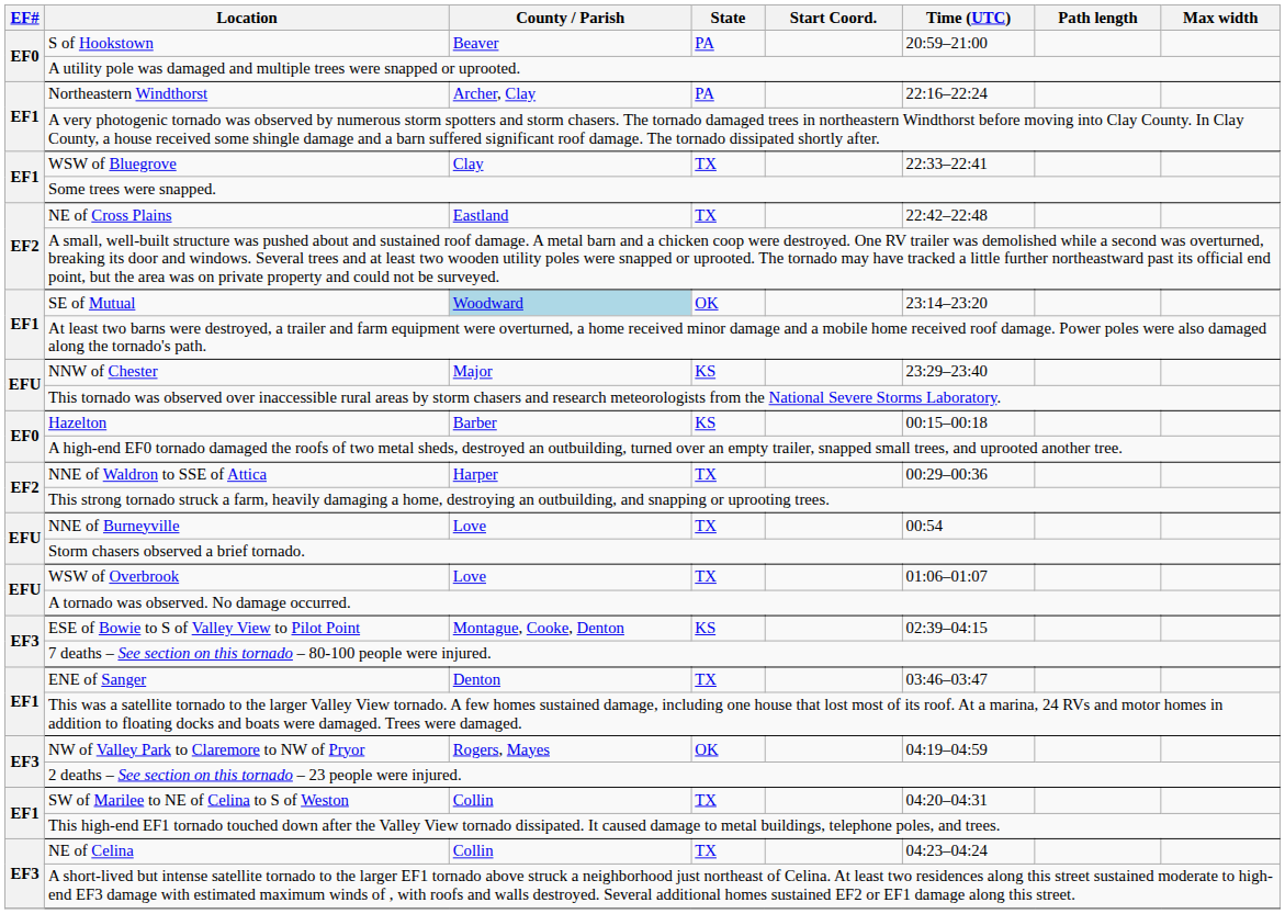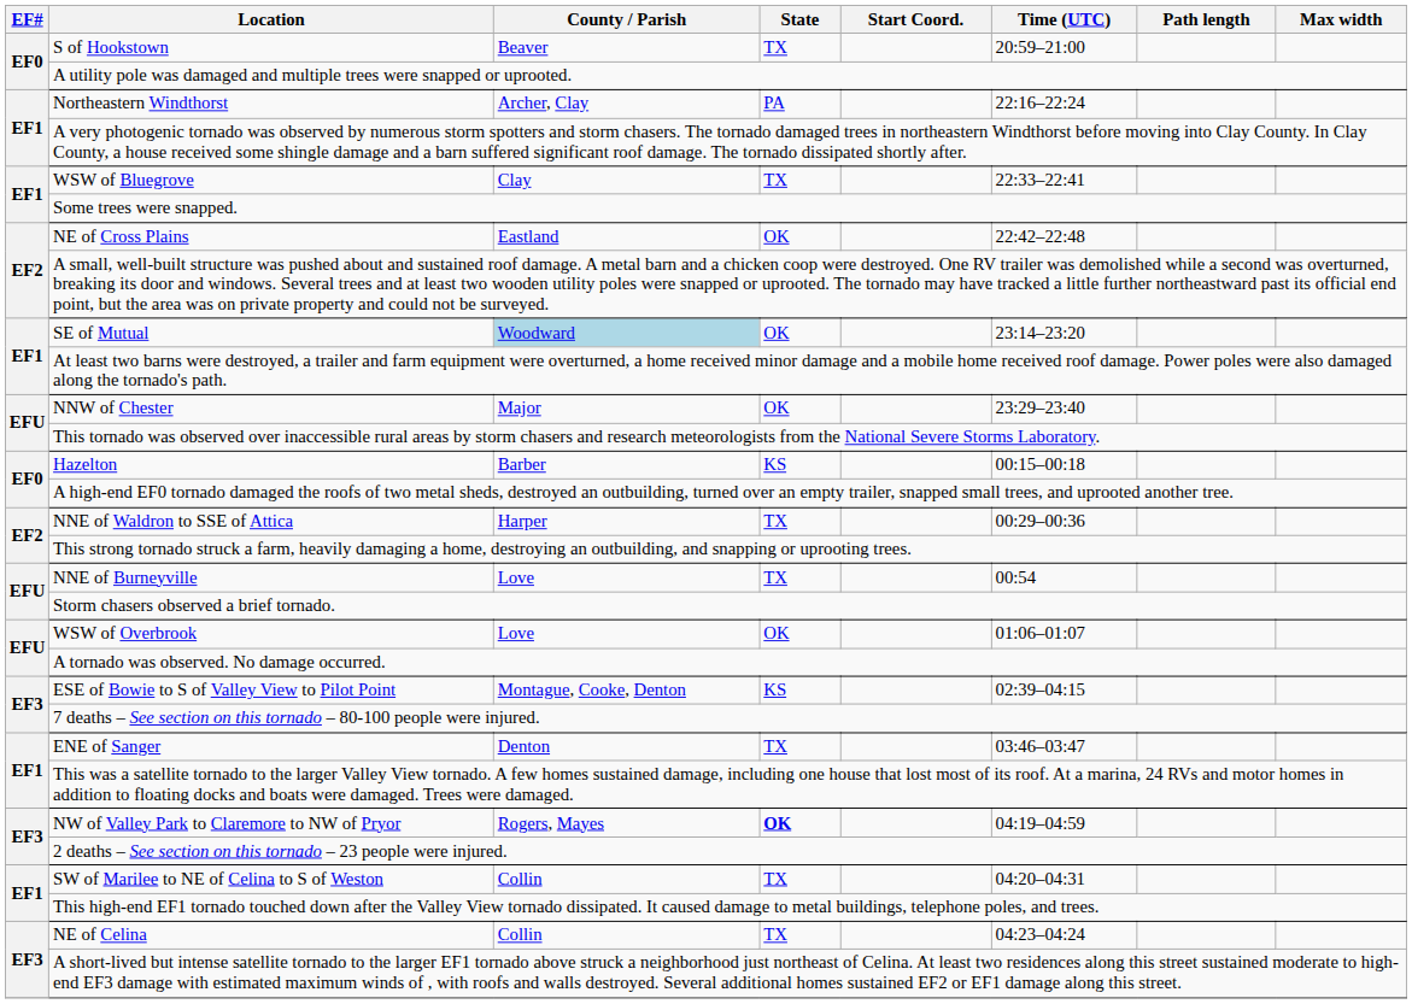 <table class="wikitable sortable" style="width:100%;">
 <tr>
 <th scope="col" width="2%" align="center"><a href='#'>EF#</a></th>
 <th scope="col" align="center" class="unsortable">Location</th>
 <th scope="col" align="center" class="unsortable">County / Parish</th>
 <th scope="col" align="center">State</th>
 <th scope="col" align="center">Start Coord.</th>
 <th scope="col" align="center">Time (<a href='#'>UTC</a>)</th>
 <th scope="col" align="center">Path length</th>
 <th scope="col" align="center">Max width</th>
 </tr>
 <tr>
 <th scope="row" rowspan="2" style="background-color:#">EF0</th>
 <td>S of <a href='#'>Hookstown</a></td>
 <td><a href='#'>Beaver</a></td>
-<td><a href='#'>PA</a></td>
+<td><a href='#'>TX</a></td>
 <td></td>
 <td>20:59–21:00</td>
 <td></td>
 <td></td>
 </tr>
 <tr class="expand-child">
 <td colspan="8" style=" border-bottom: 1px solid black;">A utility pole was damaged and multiple trees were snapped or uprooted.</td>
 </tr>
 <tr>
 <th scope="row" rowspan="2" style="background-color:#">EF1</th>
 <td>Northeastern <a href='#'>Windthorst</a></td>
 <td><a href='#'>Archer</a>, <a href='#'>Clay</a></td>
 <td><a href='#'>PA</a></td>
 <td></td>
 <td>22:16–22:24</td>
 <td></td>
 <td></td>
 </tr>
 <tr class="expand-child">
 <td colspan="8" style=" border-bottom: 1px solid black;">A very photogenic tornado was observed by numerous storm spotters and storm chasers. The tornado damaged trees in northeastern Windthorst before moving into Clay County. In Clay County, a house received some shingle damage and a barn suffered significant roof damage. The tornado dissipated shortly after.</td>
 </tr>
 <tr>
 <th scope="row" rowspan="2" style="background-color:#">EF1</th>
 <td>WSW of <a href='#'>Bluegrove</a></td>
 <td><a href='#'>Clay</a></td>
 <td><a href='#'>TX</a></td>
 <td></td>
 <td>22:33–22:41</td>
 <td></td>
 <td></td>
 </tr>
 <tr class="expand-child">
 <td colspan="8" style=" border-bottom: 1px solid black;">Some trees were snapped.</td>
 </tr>
 <tr>
 <th scope="row" rowspan="2" style="background-color:#">EF2</th>
 <td>NE of <a href='#'>Cross Plains</a></td>
 <td><a href='#'>Eastland</a></td>
-<td><a href='#'>TX</a></td>
+<td><a href='#'>OK</a></td>
 <td></td>
 <td>22:42–22:48</td>
 <td></td>
 <td></td>
 </tr>
 <tr class="expand-child">
 <td colspan="8" style=" border-bottom: 1px solid black;">A small, well-built structure was pushed about  and sustained roof damage. A metal barn and a chicken coop were destroyed. One RV trailer was demolished while a second was overturned, breaking its door and windows. Several trees and at least two wooden utility poles were snapped or uprooted. The tornado may have tracked a little further northeastward past its official end point, but the area was on private property and could not be surveyed.</td>
 </tr>
 <tr>
 <th scope="row" rowspan="2" style="background-color:#">EF1</th>
 <td>SE of <a href='#'>Mutual</a></td>
 <td style="background: lightblue;"><a href='#'>Woodward</a></td>
 <td><a href='#'>OK</a></td>
 <td></td>
 <td>23:14–23:20</td>
 <td></td>
 <td></td>
 </tr>
 <tr class="expand-child">
 <td colspan="8" style=" border-bottom: 1px solid black;">At least two barns were destroyed, a trailer and farm equipment were overturned, a home received minor damage and a mobile home received roof damage. Power poles were also damaged along the tornado's path.</td>
 </tr>
 <tr>
 <th scope="row" rowspan="2" style="background-color:#">EFU</th>
 <td>NNW of <a href='#'>Chester</a></td>
 <td><a href='#'>Major</a></td>
-<td><a href='#'>KS</a></td>
+<td><a href='#'>OK</a></td>
 <td></td>
 <td>23:29–23:40</td>
 <td></td>
 <td></td>
 </tr>
 <tr class="expand-child">
 <td colspan="8" style=" border-bottom: 1px solid black;">This tornado was observed over inaccessible rural areas by storm chasers and research meteorologists from the <a href='#'>National Severe Storms Laboratory</a>.</td>
 </tr>
 <tr>
 <th scope="row" rowspan="2" style="background-color:#">EF0</th>
 <td><a href='#'>Hazelton</a></td>
 <td><a href='#'>Barber</a></td>
 <td><a href='#'>KS</a></td>
 <td></td>
 <td>00:15–00:18</td>
 <td></td>
 <td></td>
 </tr>
 <tr class="expand-child">
 <td colspan="8" style=" border-bottom: 1px solid black;">A high-end EF0 tornado damaged the roofs of two metal sheds, destroyed an outbuilding, turned over an empty trailer, snapped small trees, and uprooted another tree.</td>
 </tr>
 <tr>
 <th scope="row" rowspan="2" style="background-color:#">EF2</th>
 <td>NNE of <a href='#'>Waldron</a> to SSE of <a href='#'>Attica</a></td>
 <td><a href='#'>Harper</a></td>
 <td><a href='#'>TX</a></td>
 <td></td>
 <td>00:29–00:36</td>
 <td></td>
 <td></td>
 </tr>
 <tr class="expand-child">
 <td colspan="8" style=" border-bottom: 1px solid black;">This strong tornado struck a farm, heavily damaging a home, destroying an outbuilding, and snapping or uprooting trees.</td>
 </tr>
 <tr>
 <th scope="row" rowspan="2" style="background-color:#">EFU</th>
 <td>NNE of <a href='#'>Burneyville</a></td>
 <td><a href='#'>Love</a></td>
 <td><a href='#'>TX</a></td>
 <td></td>
 <td>00:54</td>
 <td></td>
 <td></td>
 </tr>
 <tr class="expand-child">
 <td colspan="8" style=" border-bottom: 1px solid black;">Storm chasers observed a brief tornado.</td>
 </tr>
 <tr>
 <th scope="row" rowspan="2" style="background-color:#">EFU</th>
 <td>WSW of <a href='#'>Overbrook</a></td>
 <td><a href='#'>Love</a></td>
-<td><a href='#'>TX</a></td>
+<td><a href='#'>OK</a></td>
 <td></td>
 <td>01:06–01:07</td>
 <td></td>
 <td></td>
 </tr>
 <tr class="expand-child">
 <td colspan="8" style=" border-bottom: 1px solid black;">A tornado was observed. No damage occurred.</td>
 </tr>
 <tr>
 <th scope="row" rowspan="2" style="background-color:#">EF3</th>
 <td>ESE of <a href='#'>Bowie</a> to S of <a href='#'>Valley View</a> to <a href='#'>Pilot Point</a></td>
 <td><a href='#'>Montague</a>, <a href='#'>Cooke</a>, <a href='#'>Denton</a></td>
 <td><a href='#'>KS</a></td>
 <td></td>
 <td>02:39–04:15</td>
 <td></td>
 <td></td>
 </tr>
 <tr class="expand-child">
 <td colspan="8" style=" border-bottom: 1px solid black;">7 deaths – <em><a href='#'>See section on this tornado</a></em> – 80-100 people were injured.</td>
 </tr>
 <tr>
 <th scope="row" rowspan="2" style="background-color:#">EF1</th>
 <td>ENE of <a href='#'>Sanger</a></td>
 <td><a href='#'>Denton</a></td>
 <td><a href='#'>TX</a></td>
 <td></td>
 <td>03:46–03:47</td>
 <td></td>
 <td></td>
 </tr>
 <tr class="expand-child">
 <td colspan="8" style=" border-bottom: 1px solid black;">This was a satellite tornado to the larger Valley View tornado. A few homes sustained damage, including one house that lost most of its roof. At a marina, 24 RVs and motor homes in addition to floating docks and boats were damaged. Trees were damaged.</td>
 </tr>
 <tr>
 <th scope="row" rowspan="2" style="background-color:#">EF3</th>
 <td>NW of <a href='#'>Valley Park</a> to <a href='#'>Claremore</a> to NW of <a href='#'>Pryor</a></td>
 <td><a href='#'>Rogers</a>, <a href='#'>Mayes</a></td>
-<td><a href='#'>OK</a></td>
+<td><strong><a href='#'>OK</a></strong></td>
 <td></td>
 <td>04:19–04:59</td>
 <td></td>
 <td></td>
 </tr>
 <tr class="expand-child">
 <td colspan="8" style=" border-bottom: 1px solid black;">2 deaths – <em><a href='#'>See section on this tornado</a></em> – 23 people were injured.</td>
 </tr>
 <tr>
 <th scope="row" rowspan="2" style="background-color:#">EF1</th>
 <td>SW of <a href='#'>Marilee</a> to NE of <a href='#'>Celina</a> to S of <a href='#'>Weston</a></td>
 <td><a href='#'>Collin</a></td>
 <td><a href='#'>TX</a></td>
 <td></td>
 <td>04:20–04:31</td>
 <td></td>
 <td></td>
 </tr>
 <tr class="expand-child">
 <td colspan="8" style=" border-bottom: 1px solid black;">This high-end EF1 tornado touched down after the Valley View tornado dissipated. It caused damage to metal buildings, telephone poles, and trees.</td>
 </tr>
 <tr>
 <th scope="row" rowspan="2" style="background-color:#">EF3</th>
 <td>NE of <a href='#'>Celina</a></td>
 <td><a href='#'>Collin</a></td>
 <td><a href='#'>TX</a></td>
 <td></td>
 <td>04:23–04:24</td>
 <td></td>
 <td></td>
 </tr>
 <tr class="expand-child">
 <td colspan="8" style=" border-bottom: 1px solid black;">A short-lived but intense satellite tornado to the larger EF1 tornado above struck a neighborhood just northeast of Celina. At least two residences along this street sustained moderate to high-end EF3 damage with estimated maximum winds of , with roofs and walls destroyed. Several additional homes sustained EF2 or EF1 damage along this street.</td>
 </tr>
 <tr>
 </tr>
 </table>
